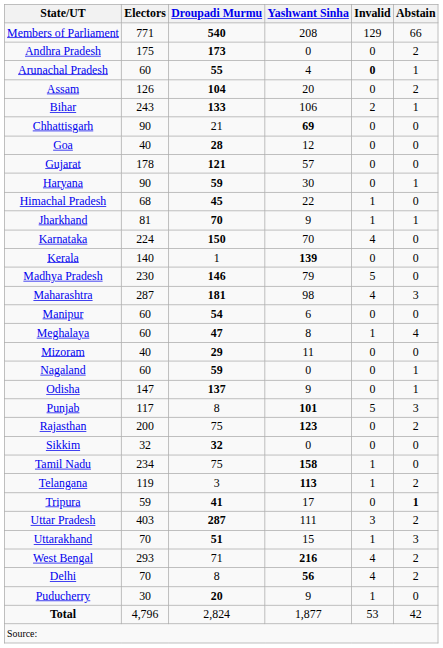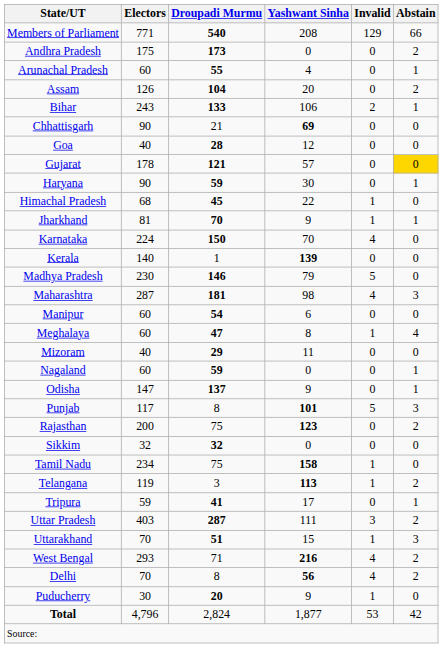 <table class="wikitable sortable" style="text-align:center;">
 <tr>
 <th>State/UT</th>
 <th>Electors</th>
 <th><a href='#'>Droupadi Murmu</a></th>
 <th><a href='#'>Yashwant Sinha</a></th>
 <th>Invalid</th>
 <th>Abstain</th>
 </tr>
 <tr>
 <td><a href='#'>Members of Parliament</a></td>
 <td>771</td>
 <td><strong>540</strong></td>
 <td>208</td>
 <td>129</td>
 <td>66</td>
 </tr>
 <tr>
 <td><a href='#'>Andhra Pradesh</a></td>
 <td>175</td>
 <td><strong>173</strong></td>
 <td>0</td>
 <td>0</td>
 <td>2</td>
 </tr>
 <tr>
 <td><a href='#'>Arunachal Pradesh</a></td>
 <td>60</td>
 <td><strong>55</strong></td>
 <td>4</td>
-<td><strong>0</strong></td>
+<td>0</td>
 <td>1</td>
 </tr>
 <tr>
 <td><a href='#'>Assam</a></td>
 <td>126</td>
 <td><strong>104</strong></td>
 <td>20</td>
 <td>0</td>
 <td>2</td>
 </tr>
 <tr>
 <td><a href='#'>Bihar</a></td>
 <td>243</td>
 <td><strong>133</strong></td>
 <td>106</td>
 <td>2</td>
 <td>1</td>
 </tr>
 <tr>
 <td><a href='#'>Chhattisgarh</a></td>
 <td>90</td>
 <td>21</td>
 <td><strong>69</strong></td>
 <td>0</td>
 <td>0</td>
 </tr>
 <tr>
 <td><a href='#'>Goa</a></td>
 <td>40</td>
 <td><strong>28</strong></td>
 <td>12</td>
 <td>0</td>
 <td>0</td>
 </tr>
 <tr>
 <td><a href='#'>Gujarat</a></td>
 <td>178</td>
 <td><strong>121</strong></td>
 <td>57</td>
 <td>0</td>
-<td>0</td>
+<td style="background: gold;">0</td>
 </tr>
 <tr>
 <td><a href='#'>Haryana</a></td>
 <td>90</td>
 <td><strong>59</strong></td>
 <td>30</td>
 <td>0</td>
 <td>1</td>
 </tr>
 <tr>
 <td><a href='#'>Himachal Pradesh</a></td>
 <td>68</td>
 <td><strong>45</strong></td>
 <td>22</td>
 <td>1</td>
 <td>0</td>
 </tr>
 <tr>
 <td><a href='#'>Jharkhand</a></td>
 <td>81</td>
 <td><strong>70</strong></td>
 <td>9</td>
 <td>1</td>
 <td>1</td>
 </tr>
 <tr>
 <td><a href='#'>Karnataka</a></td>
 <td>224</td>
 <td><strong>150</strong></td>
 <td>70</td>
 <td>4</td>
 <td>0</td>
 </tr>
 <tr>
 <td><a href='#'>Kerala</a></td>
 <td>140</td>
 <td>1</td>
 <td><strong>139</strong></td>
 <td>0</td>
 <td>0</td>
 </tr>
 <tr>
 <td><a href='#'>Madhya Pradesh</a></td>
 <td>230</td>
 <td><strong>146</strong></td>
 <td>79</td>
 <td>5</td>
 <td>0</td>
 </tr>
 <tr>
 <td><a href='#'>Maharashtra</a></td>
 <td>287</td>
 <td><strong>181</strong></td>
 <td>98</td>
 <td>4</td>
 <td>3</td>
 </tr>
 <tr>
 <td><a href='#'>Manipur</a></td>
 <td>60</td>
 <td><strong>54</strong></td>
 <td>6</td>
 <td>0</td>
 <td>0</td>
 </tr>
 <tr>
 <td><a href='#'>Meghalaya</a></td>
 <td>60</td>
 <td><strong>47</strong></td>
 <td>8</td>
 <td>1</td>
 <td>4</td>
 </tr>
 <tr>
 <td><a href='#'>Mizoram</a></td>
 <td>40</td>
 <td><strong>29</strong></td>
 <td>11</td>
 <td>0</td>
 <td>0</td>
 </tr>
 <tr>
 <td><a href='#'>Nagaland</a></td>
 <td>60</td>
 <td><strong>59</strong></td>
 <td>0</td>
 <td>0</td>
 <td>1</td>
 </tr>
 <tr>
 <td><a href='#'>Odisha</a></td>
 <td>147</td>
 <td><strong>137</strong></td>
 <td>9</td>
 <td>0</td>
 <td>1</td>
 </tr>
 <tr>
 <td><a href='#'>Punjab</a></td>
 <td>117</td>
 <td>8</td>
 <td><strong>101</strong></td>
 <td>5</td>
 <td>3</td>
 </tr>
 <tr>
 <td><a href='#'>Rajasthan</a></td>
 <td>200</td>
 <td>75</td>
 <td><strong>123</strong></td>
 <td>0</td>
 <td>2</td>
 </tr>
 <tr>
 <td><a href='#'>Sikkim</a></td>
 <td>32</td>
 <td><strong>32</strong></td>
 <td>0</td>
 <td>0</td>
 <td>0</td>
 </tr>
 <tr>
 <td><a href='#'>Tamil Nadu</a></td>
 <td>234</td>
 <td>75</td>
 <td><strong>158</strong></td>
 <td>1</td>
 <td>0</td>
 </tr>
 <tr>
 <td><a href='#'>Telangana</a></td>
 <td>119</td>
 <td>3</td>
 <td><strong>113</strong></td>
 <td>1</td>
 <td>2</td>
 </tr>
 <tr>
 <td><a href='#'>Tripura</a></td>
 <td>59</td>
 <td><strong>41</strong></td>
 <td>17</td>
 <td>0</td>
-<td><strong>1</strong></td>
+<td>1</td>
 </tr>
 <tr>
 <td><a href='#'>Uttar Pradesh</a></td>
 <td>403</td>
 <td><strong>287</strong></td>
 <td>111</td>
 <td>3</td>
 <td>2</td>
 </tr>
 <tr>
 <td><a href='#'>Uttarakhand</a></td>
 <td>70</td>
 <td><strong>51</strong></td>
 <td>15</td>
 <td>1</td>
 <td>3</td>
 </tr>
 <tr>
 <td><a href='#'>West Bengal</a></td>
 <td>293</td>
 <td>71</td>
 <td><strong>216</strong></td>
 <td>4</td>
 <td>2</td>
 </tr>
 <tr>
 <td><a href='#'>Delhi</a></td>
 <td>70</td>
 <td>8</td>
 <td><strong>56</strong></td>
 <td>4</td>
 <td>2</td>
 </tr>
 <tr>
 <td><a href='#'>Puducherry</a></td>
 <td>30</td>
 <td><strong>20</strong></td>
 <td>9</td>
 <td>1</td>
 <td>0</td>
 </tr>
 <tr>
 <td><strong>Total</strong></td>
 <td>4,796</td>
 <td>2,824</td>
 <td>1,877</td>
 <td>53</td>
 <td>42</td>
 </tr>
 <tr>
 <td style="text-align:left;" colspan=7><small>Source: </small></td>
 </tr>
 </table>
